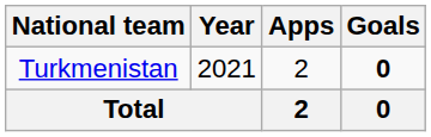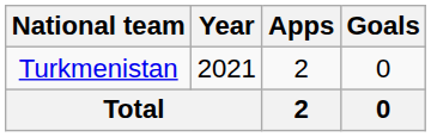 <table class="wikitable" style="text-align:center">
 <tr>
 <th>National team</th>
 <th>Year</th>
 <th>Apps</th>
 <th>Goals</th>
 </tr>
 <tr>
 <td rowspan="1"><a href='#'>Turkmenistan</a></td>
 <td>2021</td>
 <td>2</td>
-<td><strong>0</strong></td>
+<td>0</td>
 </tr>
 <tr>
 <th colspan=2>Total</th>
 <th>2</th>
 <th>0</th>
 </tr>
 </table>
